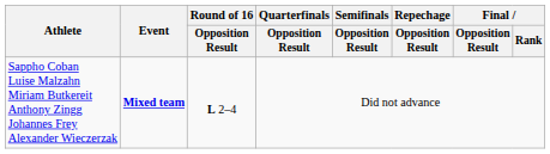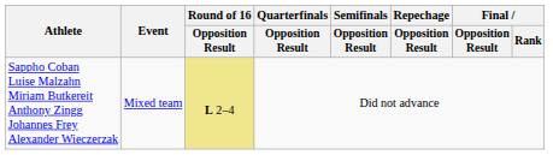 <table class="wikitable" style="text-align:center; font-size:90%">
 <tr>
 <th rowspan=2>Athlete</th>
 <th rowspan=2>Event</th>
 <th>Round of 16</th>
 <th>Quarterfinals</th>
 <th>Semifinals</th>
 <th>Repechage</th>
 <th colspan=2>Final / </th>
 </tr>
 <tr style="font-size:95%">
 <th>Opposition<br>Result</th>
 <th>Opposition<br>Result</th>
 <th>Opposition<br>Result</th>
 <th>Opposition<br>Result</th>
 <th>Opposition<br>Result</th>
 <th>Rank</th>
 </tr>
 <tr>
 <td align=left><a href='#'>Sappho Coban</a><br><a href='#'>Luise Malzahn</a><br><a href='#'>Miriam Butkereit</a><br><a href='#'>Anthony Zingg</a><br><a href='#'>Johannes Frey</a><br><a href='#'>Alexander Wieczerzak</a></td>
-<td align=left><strong><a href='#'>Mixed team</a></strong></td>
-<td><br><strong>L</strong> 2–4</td>
+<td align=left><a href='#'>Mixed team</a></td>
+<td style="background: khaki;"><br><strong>L</strong> 2–4</td>
 <td colspan=5>Did not advance</td>
 </tr>
 </table>
